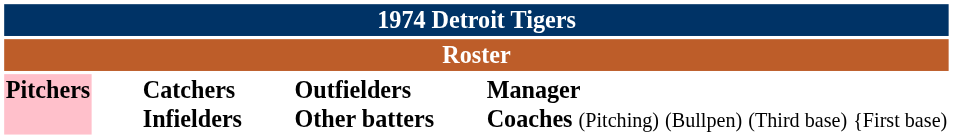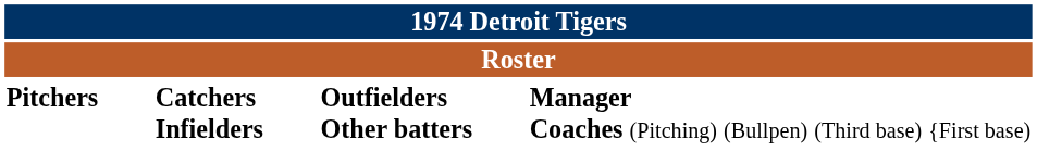 <table class="toccolours" style="font-size: 95%;">
 <tr>
 <th colspan="10" style="background-color: #003366; color: white; text-align: center;">1974 Detroit Tigers</th>
 </tr>
 <tr>
 <td colspan="10" style="background-color: #bd5d29; color: white; text-align: center;"><strong>Roster</strong></td>
 </tr>
 <tr>
-<td valign="top" style="background: pink;"><strong>Pitchers</strong><br>           </td>
+<td valign="top"><strong>Pitchers</strong><br>           </td>
 <td width="25px"></td>
 <td valign="top"><strong>Catchers</strong><br>   <strong>Infielders</strong>          </td>
 <td width="25px"></td>
 <td valign="top"><strong>Outfielders</strong><br>          <strong>Other batters</strong>  </td>
 <td width="25px"></td>
 <td valign="top"><strong>Manager</strong><br> <strong>Coaches</strong>  <small>(Pitching)</small>  <small>(Bullpen)</small>  <small>(Third base)</small>  <small>{First base)</small></td>
 </tr>
 <tr>
 </tr>
 </table>
